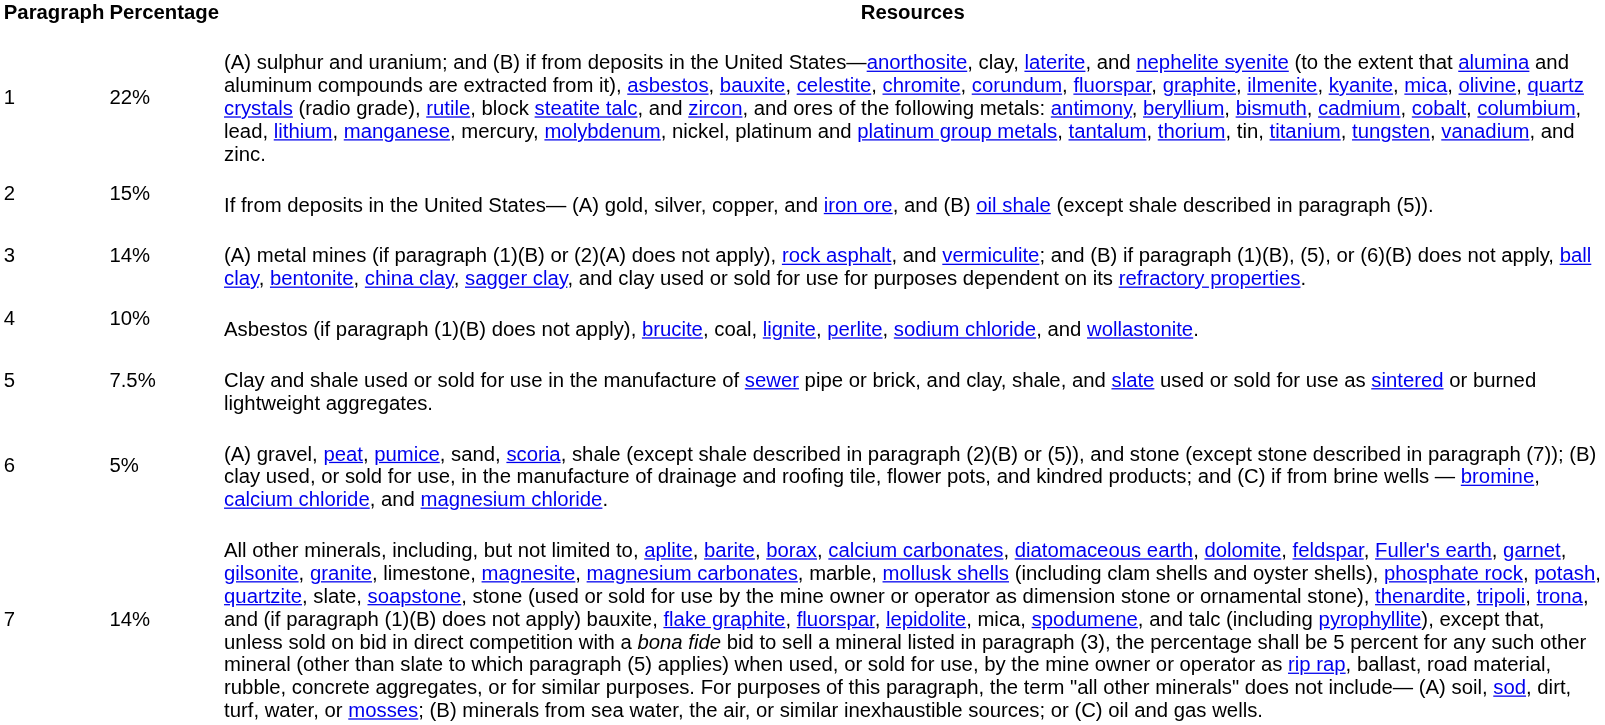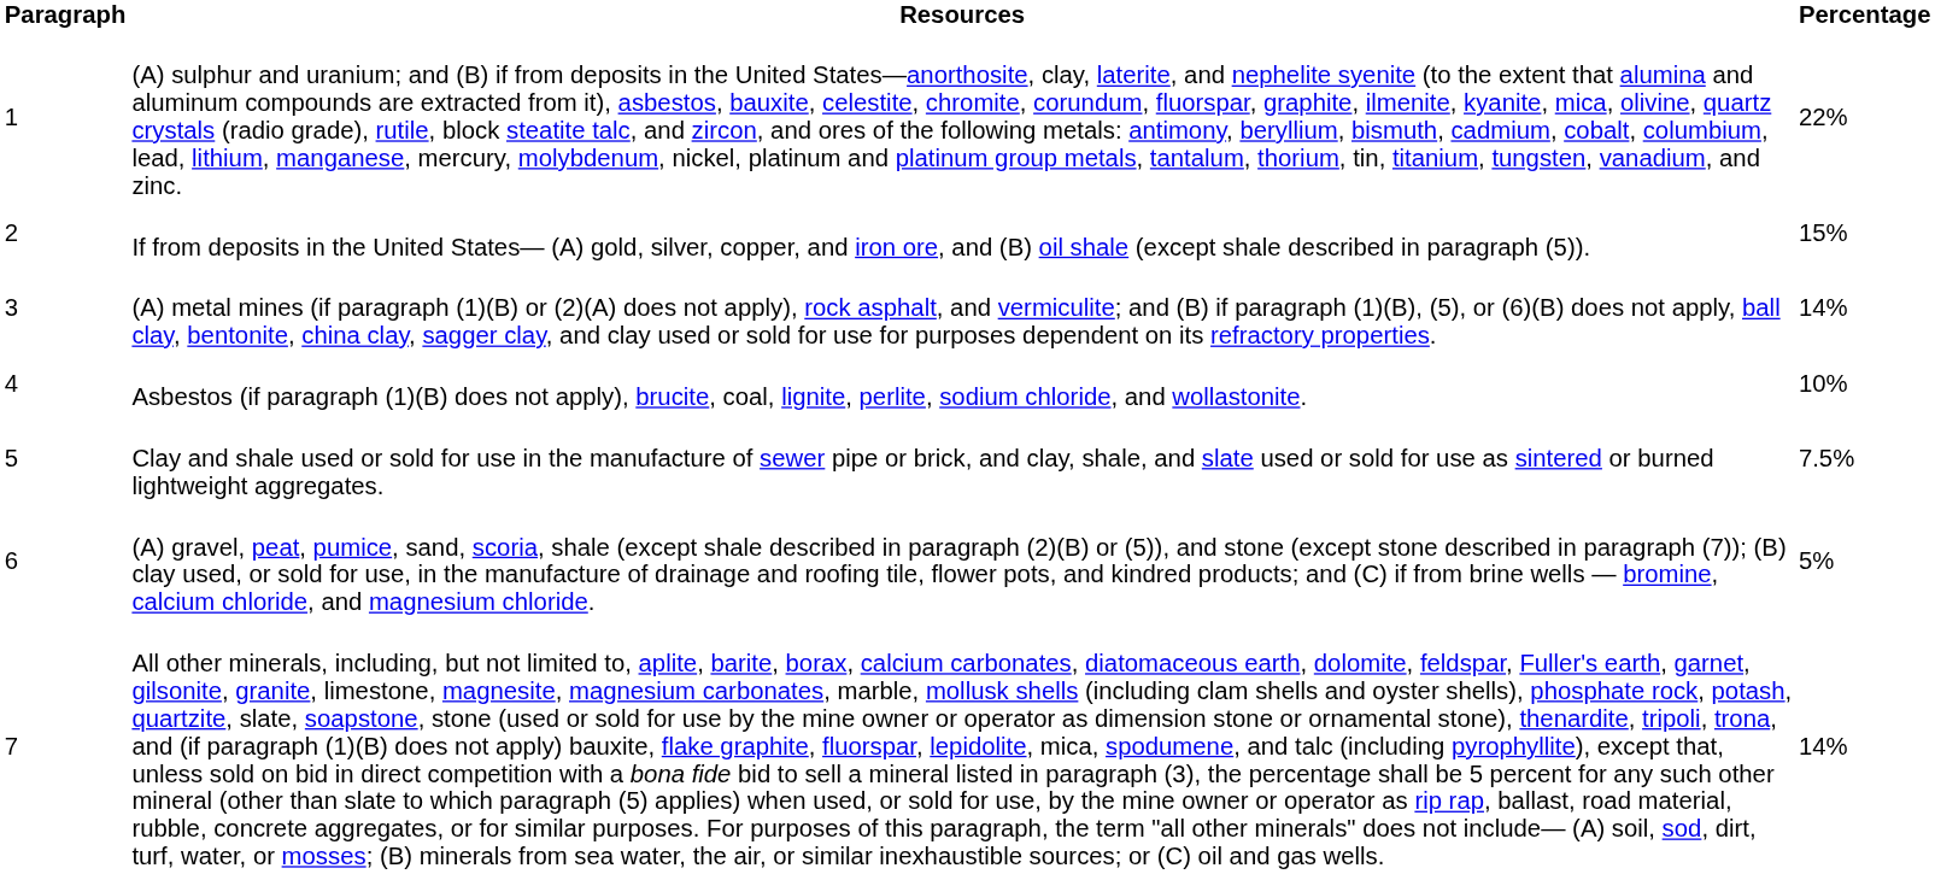 <table>
 <tr>
 <th>Paragraph</th>
+<th>Resources</th>
 <th>Percentage</th>
-<th>Resources</th>
 </tr>
 <tr>
 <td>1</td>
+<td><br>(A) sulphur and uranium; and (B) if from deposits in the United States—<a href='#'>anorthosite</a>, clay, <a href='#'>laterite</a>, and <a href='#'>nephelite syenite</a> (to the extent that <a href='#'>alumina</a> and aluminum compounds are extracted from it), <a href='#'>asbestos</a>, <a href='#'>bauxite</a>, <a href='#'>celestite</a>, <a href='#'>chromite</a>, <a href='#'>corundum</a>, <a href='#'>fluorspar</a>, <a href='#'>graphite</a>, <a href='#'>ilmenite</a>, <a href='#'>kyanite</a>, <a href='#'>mica</a>, <a href='#'>olivine</a>, <a href='#'>quartz crystals</a> (radio grade), <a href='#'>rutile</a>, block <a href='#'>steatite talc</a>, and <a href='#'>zircon</a>, and ores of the following metals: <a href='#'>antimony</a>, <a href='#'>beryllium</a>, <a href='#'>bismuth</a>, <a href='#'>cadmium</a>, <a href='#'>cobalt</a>, <a href='#'>columbium</a>, lead, <a href='#'>lithium</a>, <a href='#'>manganese</a>, mercury, <a href='#'>molybdenum</a>, nickel, platinum and <a href='#'>platinum group metals</a>, <a href='#'>tantalum</a>, <a href='#'>thorium</a>, tin, <a href='#'>titanium</a>, <a href='#'>tungsten</a>, <a href='#'>vanadium</a>, and zinc.</td>
 <td>22%</td>
-<td><br>(A) sulphur and uranium; and (B) if from deposits in the United States—<a href='#'>anorthosite</a>, clay, <a href='#'>laterite</a>, and <a href='#'>nephelite syenite</a> (to the extent that <a href='#'>alumina</a> and aluminum compounds are extracted from it), <a href='#'>asbestos</a>, <a href='#'>bauxite</a>, <a href='#'>celestite</a>, <a href='#'>chromite</a>, <a href='#'>corundum</a>, <a href='#'>fluorspar</a>, <a href='#'>graphite</a>, <a href='#'>ilmenite</a>, <a href='#'>kyanite</a>, <a href='#'>mica</a>, <a href='#'>olivine</a>, <a href='#'>quartz crystals</a> (radio grade), <a href='#'>rutile</a>, block <a href='#'>steatite talc</a>, and <a href='#'>zircon</a>, and ores of the following metals: <a href='#'>antimony</a>, <a href='#'>beryllium</a>, <a href='#'>bismuth</a>, <a href='#'>cadmium</a>, <a href='#'>cobalt</a>, <a href='#'>columbium</a>, lead, <a href='#'>lithium</a>, <a href='#'>manganese</a>, mercury, <a href='#'>molybdenum</a>, nickel, platinum and <a href='#'>platinum group metals</a>, <a href='#'>tantalum</a>, <a href='#'>thorium</a>, tin, <a href='#'>titanium</a>, <a href='#'>tungsten</a>, <a href='#'>vanadium</a>, and zinc.</td>
 </tr>
 <tr>
 <td>2</td>
+<td><br>If from deposits in the United States— (A) gold, silver, copper, and <a href='#'>iron ore</a>, and (B) <a href='#'>oil shale</a> (except shale described in paragraph (5)).</td>
 <td>15%</td>
-<td><br>If from deposits in the United States— (A) gold, silver, copper, and <a href='#'>iron ore</a>, and (B) <a href='#'>oil shale</a> (except shale described in paragraph (5)).</td>
 </tr>
 <tr>
 <td>3</td>
+<td><br>(A) metal mines (if paragraph (1)(B) or (2)(A) does not apply), <a href='#'>rock asphalt</a>, and <a href='#'>vermiculite</a>; and (B) if paragraph (1)(B), (5), or (6)(B) does not apply, <a href='#'>ball clay</a>, <a href='#'>bentonite</a>, <a href='#'>china clay</a>, <a href='#'>sagger clay</a>, and clay used or sold for use for purposes dependent on its <a href='#'>refractory properties</a>.</td>
 <td>14%</td>
-<td><br>(A) metal mines (if paragraph (1)(B) or (2)(A) does not apply), <a href='#'>rock asphalt</a>, and <a href='#'>vermiculite</a>; and (B) if paragraph (1)(B), (5), or (6)(B) does not apply, <a href='#'>ball clay</a>, <a href='#'>bentonite</a>, <a href='#'>china clay</a>, <a href='#'>sagger clay</a>, and clay used or sold for use for purposes dependent on its <a href='#'>refractory properties</a>.</td>
 </tr>
 <tr>
 <td>4</td>
+<td><br>Asbestos (if paragraph (1)(B) does not apply), <a href='#'>brucite</a>, coal, <a href='#'>lignite</a>, <a href='#'>perlite</a>, <a href='#'>sodium chloride</a>, and <a href='#'>wollastonite</a>.</td>
 <td>10%</td>
-<td><br>Asbestos (if paragraph (1)(B) does not apply), <a href='#'>brucite</a>, coal, <a href='#'>lignite</a>, <a href='#'>perlite</a>, <a href='#'>sodium chloride</a>, and <a href='#'>wollastonite</a>.</td>
 </tr>
 <tr>
 <td>5</td>
+<td><br>Clay and shale used or sold for use in the manufacture of <a href='#'>sewer</a> pipe or brick, and clay, shale, and <a href='#'>slate</a> used or sold for use as <a href='#'>sintered</a> or burned lightweight aggregates.</td>
 <td>7.5%</td>
-<td><br>Clay and shale used or sold for use in the manufacture of <a href='#'>sewer</a> pipe or brick, and clay, shale, and <a href='#'>slate</a> used or sold for use as <a href='#'>sintered</a> or burned lightweight aggregates.</td>
 </tr>
 <tr>
 <td>6</td>
+<td><br>(A) gravel, <a href='#'>peat</a>, <a href='#'>pumice</a>, sand, <a href='#'>scoria</a>, shale (except shale described in paragraph (2)(B) or (5)), and stone (except stone described in paragraph (7)); (B) clay used, or sold for use, in the manufacture of drainage and roofing tile, flower pots, and kindred products; and (C) if from brine wells — <a href='#'>bromine</a>, <a href='#'>calcium chloride</a>, and <a href='#'>magnesium chloride</a>.</td>
 <td>5%</td>
-<td><br>(A) gravel, <a href='#'>peat</a>, <a href='#'>pumice</a>, sand, <a href='#'>scoria</a>, shale (except shale described in paragraph (2)(B) or (5)), and stone (except stone described in paragraph (7)); (B) clay used, or sold for use, in the manufacture of drainage and roofing tile, flower pots, and kindred products; and (C) if from brine wells — <a href='#'>bromine</a>, <a href='#'>calcium chloride</a>, and <a href='#'>magnesium chloride</a>.</td>
 </tr>
 <tr>
 <td>7</td>
+<td><br>All other minerals, including, but not limited to, <a href='#'>aplite</a>, <a href='#'>barite</a>, <a href='#'>borax</a>, <a href='#'>calcium carbonates</a>, <a href='#'>diatomaceous earth</a>, <a href='#'>dolomite</a>, <a href='#'>feldspar</a>, <a href='#'>Fuller's earth</a>, <a href='#'>garnet</a>, <a href='#'>gilsonite</a>, <a href='#'>granite</a>, limestone, <a href='#'>magnesite</a>, <a href='#'>magnesium carbonates</a>, marble, <a href='#'>mollusk shells</a> (including clam shells and oyster shells), <a href='#'>phosphate rock</a>, <a href='#'>potash</a>, <a href='#'>quartzite</a>, slate, <a href='#'>soapstone</a>, stone (used or sold for use by the mine owner or operator as dimension stone or ornamental stone), <a href='#'>thenardite</a>, <a href='#'>tripoli</a>, <a href='#'>trona</a>, and (if paragraph (1)(B) does not apply) bauxite, <a href='#'>flake graphite</a>, <a href='#'>fluorspar</a>, <a href='#'>lepidolite</a>, mica, <a href='#'>spodumene</a>, and talc (including <a href='#'>pyrophyllite</a>), except that, unless sold on bid in direct competition with a <em>bona fide</em> bid to sell a mineral listed in paragraph (3), the percentage shall be 5 percent for any such other mineral (other than slate to which paragraph (5) applies) when used, or sold for use, by the mine owner or operator as <a href='#'>rip rap</a>, ballast, road material, rubble, concrete aggregates, or for similar purposes. For purposes of this paragraph, the term "all other minerals" does not include— (A) soil, <a href='#'>sod</a>, dirt, turf, water, or <a href='#'>mosses</a>; (B) minerals from sea water, the air, or similar inexhaustible sources; or (C) oil and gas wells.</td>
 <td>14%</td>
-<td><br>All other minerals, including, but not limited to, <a href='#'>aplite</a>, <a href='#'>barite</a>, <a href='#'>borax</a>, <a href='#'>calcium carbonates</a>, <a href='#'>diatomaceous earth</a>, <a href='#'>dolomite</a>, <a href='#'>feldspar</a>, <a href='#'>Fuller's earth</a>, <a href='#'>garnet</a>, <a href='#'>gilsonite</a>, <a href='#'>granite</a>, limestone, <a href='#'>magnesite</a>, <a href='#'>magnesium carbonates</a>, marble, <a href='#'>mollusk shells</a> (including clam shells and oyster shells), <a href='#'>phosphate rock</a>, <a href='#'>potash</a>, <a href='#'>quartzite</a>, slate, <a href='#'>soapstone</a>, stone (used or sold for use by the mine owner or operator as dimension stone or ornamental stone), <a href='#'>thenardite</a>, <a href='#'>tripoli</a>, <a href='#'>trona</a>, and (if paragraph (1)(B) does not apply) bauxite, <a href='#'>flake graphite</a>, <a href='#'>fluorspar</a>, <a href='#'>lepidolite</a>, mica, <a href='#'>spodumene</a>, and talc (including <a href='#'>pyrophyllite</a>), except that, unless sold on bid in direct competition with a <em>bona fide</em> bid to sell a mineral listed in paragraph (3), the percentage shall be 5 percent for any such other mineral (other than slate to which paragraph (5) applies) when used, or sold for use, by the mine owner or operator as <a href='#'>rip rap</a>, ballast, road material, rubble, concrete aggregates, or for similar purposes. For purposes of this paragraph, the term "all other minerals" does not include— (A) soil, <a href='#'>sod</a>, dirt, turf, water, or <a href='#'>mosses</a>; (B) minerals from sea water, the air, or similar inexhaustible sources; or (C) oil and gas wells.</td>
 </tr>
 </table>
